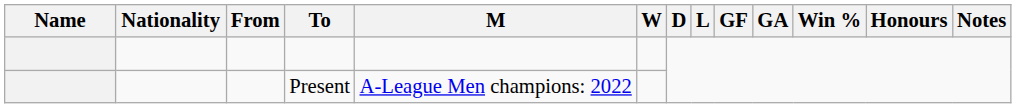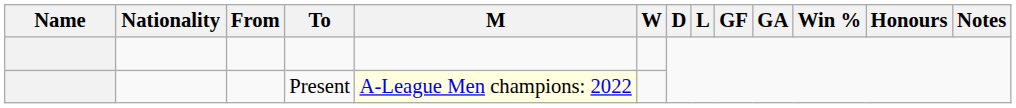 <table class="wikitable plainrowheaders sortable" style="text-align:center">
 <tr>
 <th width=11%>Name</th>
 <th width=11%>Nationality</th>
 <th>From</th>
 <th>To</th>
 <th>M</th>
 <th>W</th>
 <th>D</th>
 <th>L</th>
 <th>GF</th>
 <th>GA</th>
 <th>Win %</th>
 <th class="unsortable">Honours</th>
 <th class="unsortable">Notes</th>
 </tr>
 <tr>
 <th scope=row style=text-align:left></th>
 <td align=left></td>
 <td align=left></td>
 <td align=left><br></td>
 <td></td>
 <td></td>
 </tr>
 <tr>
 <th scope=row style=text-align:left></th>
 <td align=left></td>
 <td align=left></td>
 <td align=left>Present<br></td>
-<td align=left><a href='#'>A-League Men</a> champions: <a href='#'>2022</a></td>
+<td align=left style="background: lightyellow;"><a href='#'>A-League Men</a> champions: <a href='#'>2022</a></td>
 <td></td>
 </tr>
 </table>
